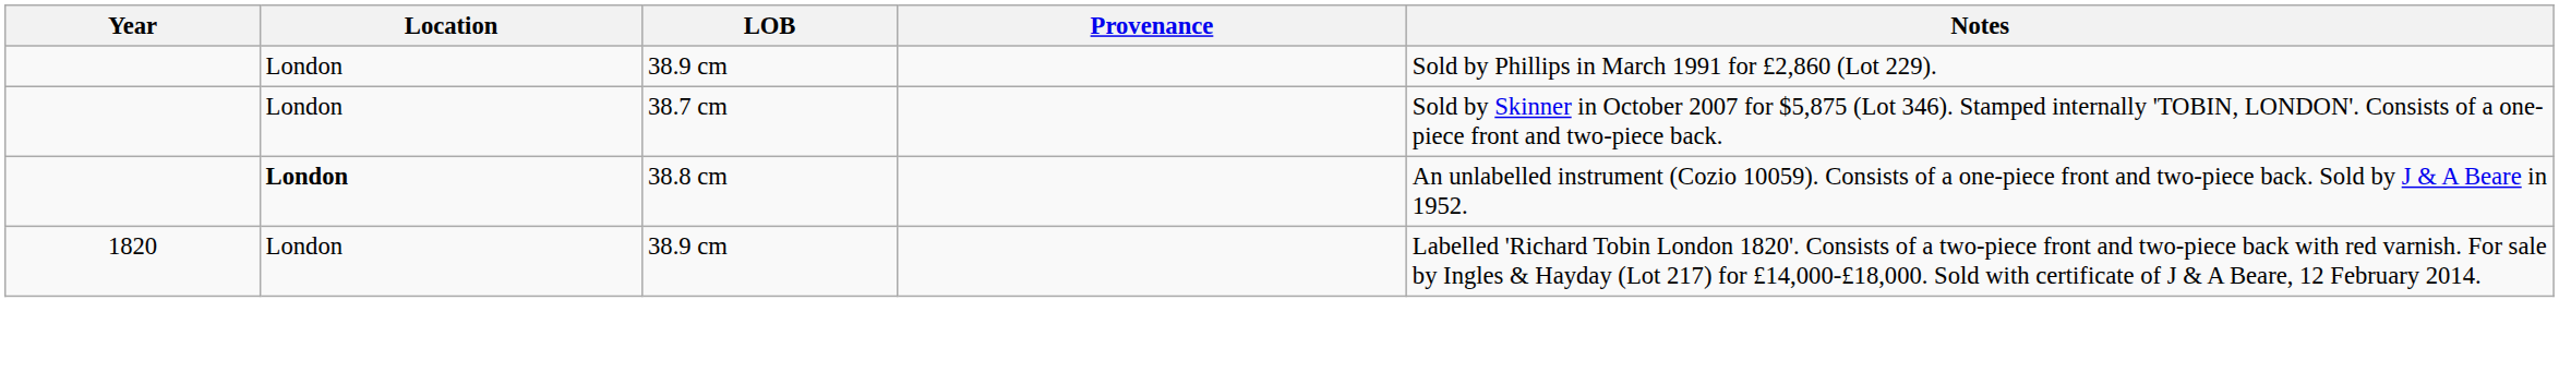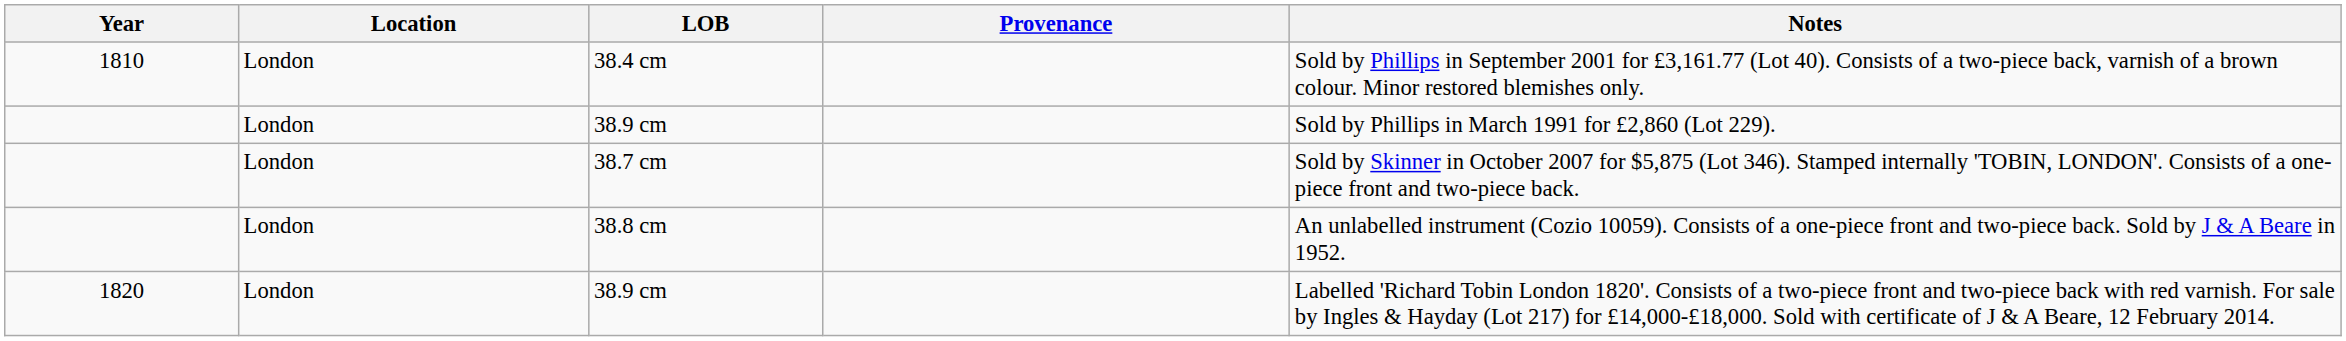 <table class="sortable wikitable" style="margins:auto; width=95%; font-size: 95%;">
 <tr>
 <th width="10%">Year</th>
 <th width="15%">Location</th>
 <th width="10%">LOB</th>
 <th width="20%"><a href='#'>Provenance</a></th>
 <th width="45%">Notes</th>
+</tr>
+<tr valign="top">
+<td align=center>1810</td>
+<td>London</td>
+<td>38.4 cm</td>
+<td></td>
+<td>Sold by <a href='#'>Phillips</a> in September 2001 for £3,161.77 (Lot 40). Consists of a two-piece back, varnish of a brown colour. Minor restored blemishes only.</td>
 </tr>
 <tr valign="top">
 <td align=center></td>
 <td>London</td>
 <td>38.9 cm</td>
 <td></td>
 <td>Sold by Phillips in March 1991 for £2,860 (Lot 229).</td>
 </tr>
 <tr valign="top">
 <td align=center></td>
 <td>London</td>
 <td>38.7 cm</td>
 <td></td>
 <td>Sold by <a href='#'>Skinner</a> in October 2007 for $5,875 (Lot 346). Stamped internally 'TOBIN, LONDON'. Consists of a one-piece front and two-piece back.</td>
 </tr>
 <tr valign="top">
 <td align=center></td>
-<td><strong>London</strong></td>
+<td>London</td>
 <td>38.8 cm</td>
 <td></td>
 <td>An unlabelled instrument (Cozio 10059). Consists of a one-piece front and two-piece back. Sold by <a href='#'>J & A Beare</a> in 1952.</td>
 </tr>
 <tr valign="top">
 <td align=center>1820</td>
 <td>London</td>
 <td>38.9 cm</td>
 <td></td>
 <td>Labelled 'Richard Tobin London 1820'. Consists of a two-piece front and two-piece back with red varnish. For sale by Ingles & Hayday (Lot 217) for £14,000-£18,000. Sold with certificate of J & A Beare, 12 February 2014.</td>
 </tr>
 </table>
